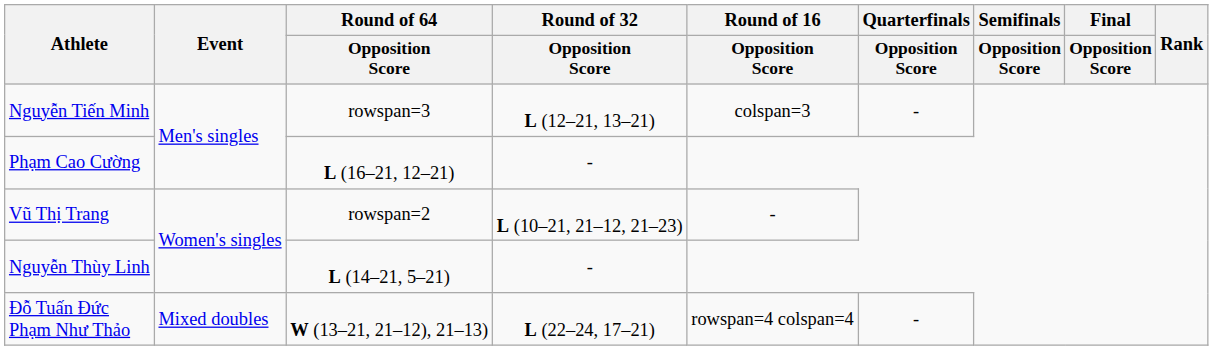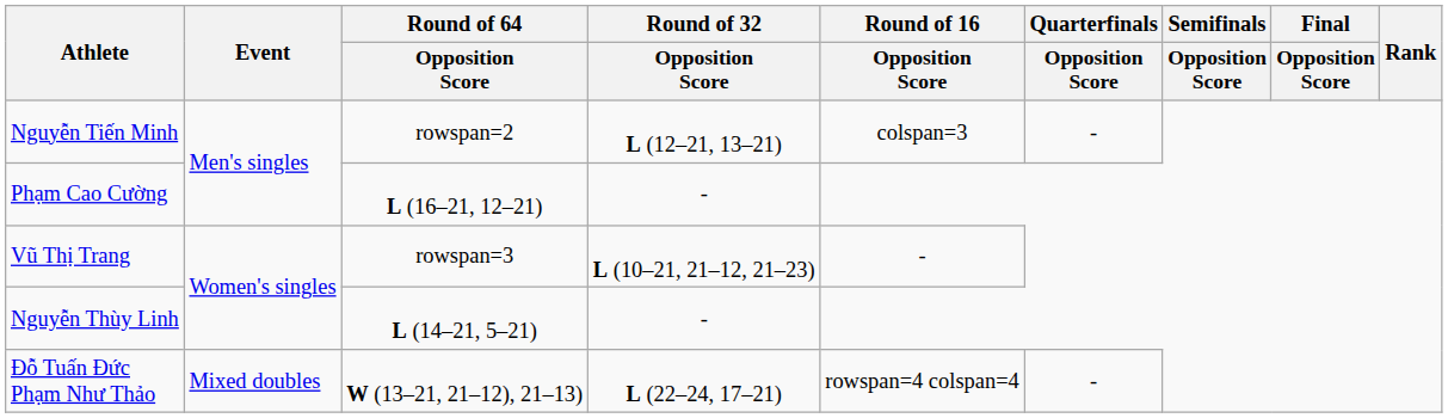 <table class=wikitable style=font-size:90%;text-align:center>
 <tr>
 <th rowspan="2">Athlete</th>
 <th rowspan="2">Event</th>
 <th>Round of 64</th>
 <th>Round of 32</th>
 <th>Round of 16</th>
 <th>Quarterfinals</th>
 <th>Semifinals</th>
 <th>Final</th>
 <th rowspan="2">Rank</th>
 </tr>
 <tr style="font-size:95%">
 <th>Opposition<br>Score</th>
 <th>Opposition<br>Score</th>
 <th>Opposition<br>Score</th>
 <th>Opposition<br>Score</th>
 <th>Opposition<br>Score</th>
 <th>Opposition<br>Score</th>
 </tr>
 <tr>
 <td align=left><a href='#'>Nguyễn Tiến Minh</a></td>
 <td align=left rowspan=2><a href='#'>Men's singles</a></td>
-<td>rowspan=3</td>
+<td>rowspan=2</td>
 <td><br><strong>L</strong> (12–21, 13–21)</td>
 <td>colspan=3</td>
 <td>-</td>
 </tr>
 <tr>
 <td align=left><a href='#'>Phạm Cao Cường</a></td>
 <td><br><strong>L</strong> (16–21, 12–21)</td>
 <td>-</td>
 </tr>
 <tr>
 <td align=left><a href='#'>Vũ Thị Trang</a></td>
 <td align=left rowspan=2><a href='#'>Women's singles</a></td>
-<td>rowspan=2</td>
+<td>rowspan=3</td>
 <td><br><strong>L</strong> (10–21, 21–12, 21–23)</td>
 <td>-</td>
 </tr>
 <tr>
 <td align=left><a href='#'>Nguyễn Thùy Linh</a></td>
 <td><br><strong>L</strong> (14–21, 5–21)</td>
 <td>-</td>
 </tr>
 <tr>
 <td align=left><a href='#'>Đỗ Tuấn Đức</a><br><a href='#'>Phạm Như Thảo</a></td>
 <td align=left rowspan=2><a href='#'>Mixed doubles</a></td>
 <td><br><strong>W</strong> (13–21, 21–12), 21–13)</td>
 <td><br><strong>L</strong> (22–24, 17–21)</td>
 <td>rowspan=4 colspan=4</td>
 <td>-</td>
 </tr>
 </table>
